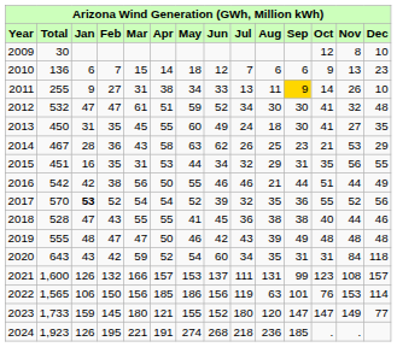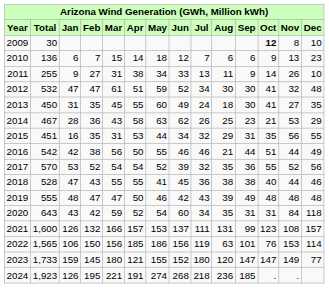 <table class="wikitable" style="text-align:right;">
 <tr>
 <th colspan="14" style="background:#cfb;">Arizona Wind Generation (GWh, Million kWh)</th>
 </tr>
 <tr>
 <th style="background:#cfb;">Year</th>
 <th style="background:#cfb;">Total</th>
 <th style="background:#cfb;">Jan</th>
 <th style="background:#cfb;">Feb</th>
 <th style="background:#cfb;">Mar</th>
 <th style="background:#cfb;">Apr</th>
 <th style="background:#cfb;">May</th>
 <th style="background:#cfb;">Jun</th>
 <th style="background:#cfb;">Jul</th>
 <th style="background:#cfb;">Aug</th>
 <th style="background:#cfb;">Sep</th>
 <th style="background:#cfb;">Oct</th>
 <th style="background:#cfb;">Nov</th>
 <th style="background:#cfb;">Dec</th>
 </tr>
 <tr align=right>
 <td>2009</td>
 <td>30</td>
 <td></td>
 <td></td>
 <td></td>
 <td></td>
 <td></td>
 <td></td>
 <td></td>
 <td></td>
 <td></td>
-<td>12</td>
+<td><strong>12</strong></td>
 <td>8</td>
 <td>10</td>
 </tr>
 <tr align=right>
 <td>2010</td>
 <td>136</td>
 <td>6</td>
 <td>7</td>
 <td>15</td>
 <td>14</td>
 <td>18</td>
 <td>12</td>
 <td>7</td>
 <td>6</td>
 <td>6</td>
 <td>9</td>
 <td>13</td>
 <td>23</td>
 </tr>
 <tr align=right>
 <td>2011</td>
 <td>255</td>
 <td>9</td>
 <td>27</td>
 <td>31</td>
 <td>38</td>
 <td>34</td>
 <td>33</td>
 <td>13</td>
 <td>11</td>
-<td style="background: gold;">9</td>
+<td>9</td>
 <td>14</td>
 <td>26</td>
 <td>10</td>
 </tr>
 <tr align=right>
 <td>2012</td>
 <td>532</td>
 <td>47</td>
 <td>47</td>
 <td>61</td>
 <td>51</td>
 <td>59</td>
 <td>52</td>
 <td>34</td>
 <td>30</td>
 <td>30</td>
 <td>41</td>
 <td>32</td>
 <td>48</td>
 </tr>
 <tr align=right>
 <td>2013</td>
 <td>450</td>
 <td>31</td>
 <td>35</td>
 <td>45</td>
 <td>55</td>
 <td>60</td>
 <td>49</td>
 <td>24</td>
 <td>18</td>
 <td>30</td>
 <td>41</td>
 <td>27</td>
 <td>35</td>
 </tr>
 <tr align=right>
 <td>2014</td>
 <td>467</td>
 <td>28</td>
 <td>36</td>
 <td>43</td>
 <td>58</td>
 <td>63</td>
 <td>62</td>
 <td>26</td>
 <td>25</td>
 <td>23</td>
 <td>21</td>
 <td>53</td>
 <td>29</td>
 </tr>
 <tr align=right>
 <td>2015</td>
 <td>451</td>
 <td>16</td>
 <td>35</td>
 <td>31</td>
 <td>53</td>
 <td>44</td>
 <td>34</td>
 <td>32</td>
 <td>29</td>
 <td>31</td>
 <td>35</td>
 <td>56</td>
 <td>55</td>
 </tr>
 <tr align=right>
 <td>2016</td>
 <td>542</td>
 <td>42</td>
 <td>38</td>
 <td>56</td>
 <td>50</td>
 <td>55</td>
 <td>46</td>
 <td>46</td>
 <td>21</td>
 <td>44</td>
 <td>51</td>
 <td>44</td>
 <td>49</td>
 </tr>
 <tr align=right>
 <td>2017</td>
 <td>570</td>
-<td><strong>53</strong></td>
+<td>53</td>
 <td>52</td>
 <td>54</td>
 <td>54</td>
 <td>52</td>
 <td>39</td>
 <td>32</td>
 <td>35</td>
 <td>36</td>
 <td>55</td>
 <td>52</td>
 <td>56</td>
 </tr>
 <tr align=right>
 <td>2018</td>
 <td>528</td>
 <td>47</td>
 <td>43</td>
 <td>55</td>
 <td>55</td>
 <td>41</td>
 <td>45</td>
 <td>36</td>
 <td>38</td>
 <td>38</td>
 <td>40</td>
 <td>44</td>
 <td>46</td>
 </tr>
 <tr align=right>
 <td>2019</td>
 <td>555</td>
 <td>48</td>
 <td>47</td>
 <td>47</td>
 <td>50</td>
 <td>46</td>
 <td>42</td>
 <td>43</td>
 <td>39</td>
 <td>49</td>
 <td>48</td>
 <td>48</td>
 <td>48</td>
 </tr>
 <tr align=right>
 <td>2020</td>
 <td>643</td>
 <td>43</td>
 <td>42</td>
 <td>59</td>
 <td>52</td>
 <td>54</td>
 <td>60</td>
 <td>34</td>
 <td>35</td>
 <td>31</td>
 <td>31</td>
 <td>84</td>
 <td>118</td>
 </tr>
 <tr align=right>
 <td>2021</td>
 <td>1,600</td>
 <td>126</td>
 <td>132</td>
 <td>166</td>
 <td>157</td>
 <td>153</td>
 <td>137</td>
 <td>111</td>
 <td>131</td>
 <td>99</td>
 <td>123</td>
 <td>108</td>
 <td>157</td>
 </tr>
 <tr align=right>
 <td>2022</td>
 <td>1,565</td>
 <td>106</td>
 <td>150</td>
 <td>156</td>
 <td>185</td>
 <td>186</td>
 <td>156</td>
 <td>119</td>
 <td>63</td>
 <td>101</td>
 <td>76</td>
 <td>153</td>
 <td>114</td>
 </tr>
 <tr align=right>
 <td>2023</td>
 <td>1,733</td>
 <td>159</td>
 <td>145</td>
 <td>180</td>
 <td>121</td>
 <td>155</td>
 <td>152</td>
 <td>180</td>
 <td>120</td>
 <td>147</td>
 <td>147</td>
 <td>149</td>
 <td>77</td>
 </tr>
 <tr align=right>
 <td>2024</td>
 <td>1,923</td>
 <td>126</td>
 <td>195</td>
 <td>221</td>
 <td>191</td>
 <td>274</td>
 <td>268</td>
 <td>218</td>
 <td>236</td>
 <td>185</td>
 <td>.</td>
 <td>.</td>
 <td></td>
 </tr>
 </table>
